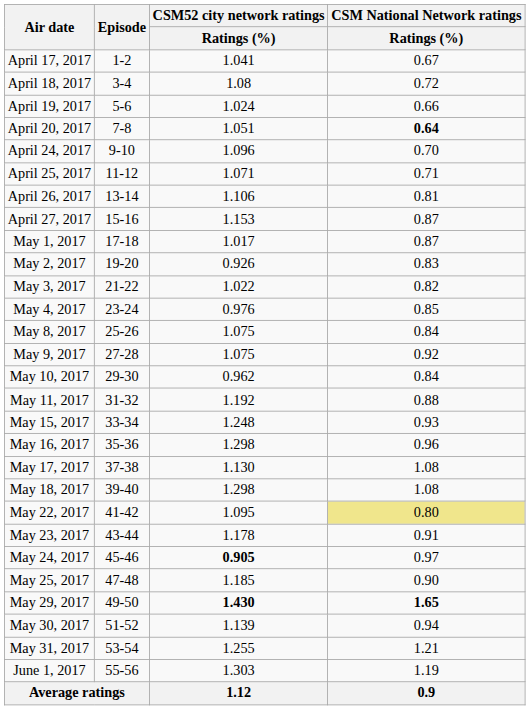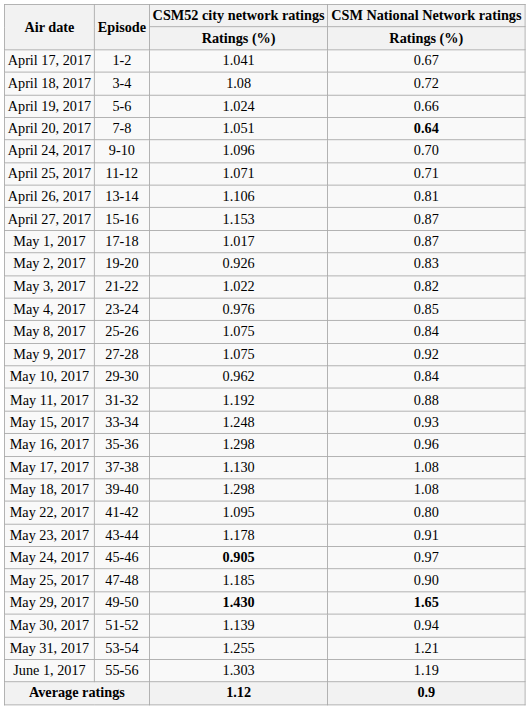 <table class="wikitable sortable mw-collapsible jquery-tablesorter" style="text-align:center">
 <tr>
 <th rowspan="2">Air date</th>
 <th rowspan="2">Episode</th>
 <th colspan="1">CSM52 city network ratings</th>
 <th colspan="1">CSM National Network ratings</th>
 </tr>
 <tr>
 <th>Ratings (%)</th>
 <th>Ratings (%)</th>
 </tr>
 <tr>
 <td>April 17, 2017</td>
 <td>1-2</td>
 <td>1.041</td>
 <td>0.67</td>
 </tr>
 <tr>
 <td>April 18, 2017</td>
 <td>3-4</td>
 <td>1.08</td>
 <td>0.72</td>
 </tr>
 <tr>
 <td>April 19, 2017</td>
 <td>5-6</td>
 <td>1.024</td>
 <td>0.66</td>
 </tr>
 <tr>
 <td>April 20, 2017</td>
 <td>7-8</td>
 <td>1.051</td>
 <td><strong><span>0.64</span></strong></td>
 </tr>
 <tr>
 <td>April 24, 2017</td>
 <td>9-10</td>
 <td>1.096</td>
 <td>0.70</td>
 </tr>
 <tr>
 <td>April 25, 2017</td>
 <td>11-12</td>
 <td>1.071</td>
 <td>0.71</td>
 </tr>
 <tr>
 <td>April 26, 2017</td>
 <td>13-14</td>
 <td>1.106</td>
 <td>0.81</td>
 </tr>
 <tr>
 <td>April 27, 2017</td>
 <td>15-16</td>
 <td>1.153</td>
 <td>0.87</td>
 </tr>
 <tr>
 <td>May 1, 2017</td>
 <td>17-18</td>
 <td>1.017</td>
 <td>0.87</td>
 </tr>
 <tr>
 <td>May 2, 2017</td>
 <td>19-20</td>
 <td>0.926</td>
 <td>0.83</td>
 </tr>
 <tr>
 <td>May 3, 2017</td>
 <td>21-22</td>
 <td>1.022</td>
 <td>0.82</td>
 </tr>
 <tr>
 <td>May 4, 2017</td>
 <td>23-24</td>
 <td>0.976</td>
 <td>0.85</td>
 </tr>
 <tr>
 <td>May 8, 2017</td>
 <td>25-26</td>
 <td>1.075</td>
 <td>0.84</td>
 </tr>
 <tr>
 <td>May 9, 2017</td>
 <td>27-28</td>
 <td>1.075</td>
 <td>0.92</td>
 </tr>
 <tr>
 <td>May 10, 2017</td>
 <td>29-30</td>
 <td>0.962</td>
 <td>0.84</td>
 </tr>
 <tr>
 <td>May 11, 2017</td>
 <td>31-32</td>
 <td>1.192</td>
 <td>0.88</td>
 </tr>
 <tr>
 <td>May 15, 2017</td>
 <td>33-34</td>
 <td>1.248</td>
 <td>0.93</td>
 </tr>
 <tr>
 <td>May 16, 2017</td>
 <td>35-36</td>
 <td>1.298</td>
 <td>0.96</td>
 </tr>
 <tr>
 <td>May 17, 2017</td>
 <td>37-38</td>
 <td>1.130</td>
 <td>1.08</td>
 </tr>
 <tr>
 <td>May 18, 2017</td>
 <td>39-40</td>
 <td>1.298</td>
 <td>1.08</td>
 </tr>
 <tr>
 <td>May 22, 2017</td>
 <td>41-42</td>
 <td>1.095</td>
-<td style="background: khaki;">0.80</td>
+<td>0.80</td>
 </tr>
 <tr>
 <td>May 23, 2017</td>
 <td>43-44</td>
 <td>1.178</td>
 <td>0.91</td>
 </tr>
 <tr>
 <td>May 24, 2017</td>
 <td>45-46</td>
 <td><strong><span>0.905</span></strong></td>
 <td>0.97</td>
 </tr>
 <tr>
 <td>May 25, 2017</td>
 <td>47-48</td>
 <td>1.185</td>
 <td>0.90</td>
 </tr>
 <tr>
 <td>May 29, 2017</td>
 <td>49-50</td>
 <td><strong><span>1.430</span></strong></td>
 <td><strong><span>1.65</span></strong></td>
 </tr>
 <tr>
 <td>May 30, 2017</td>
 <td>51-52</td>
 <td>1.139</td>
 <td>0.94</td>
 </tr>
 <tr>
 <td>May 31, 2017</td>
 <td>53-54</td>
 <td>1.255</td>
 <td>1.21</td>
 </tr>
 <tr>
 <td>June 1, 2017</td>
 <td>55-56</td>
 <td>1.303</td>
 <td>1.19</td>
 </tr>
 <tr>
 <th colspan="2" rowspan="1">Average ratings</th>
 <th>1.12</th>
 <th rowspan="1">0.9</th>
 </tr>
 </table>
